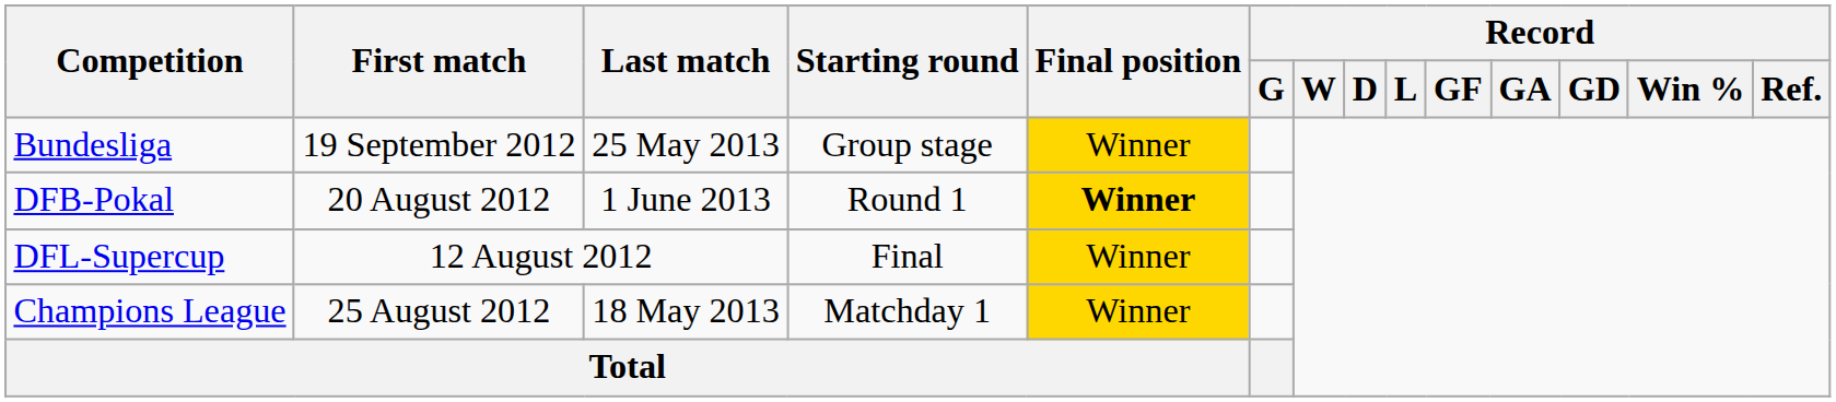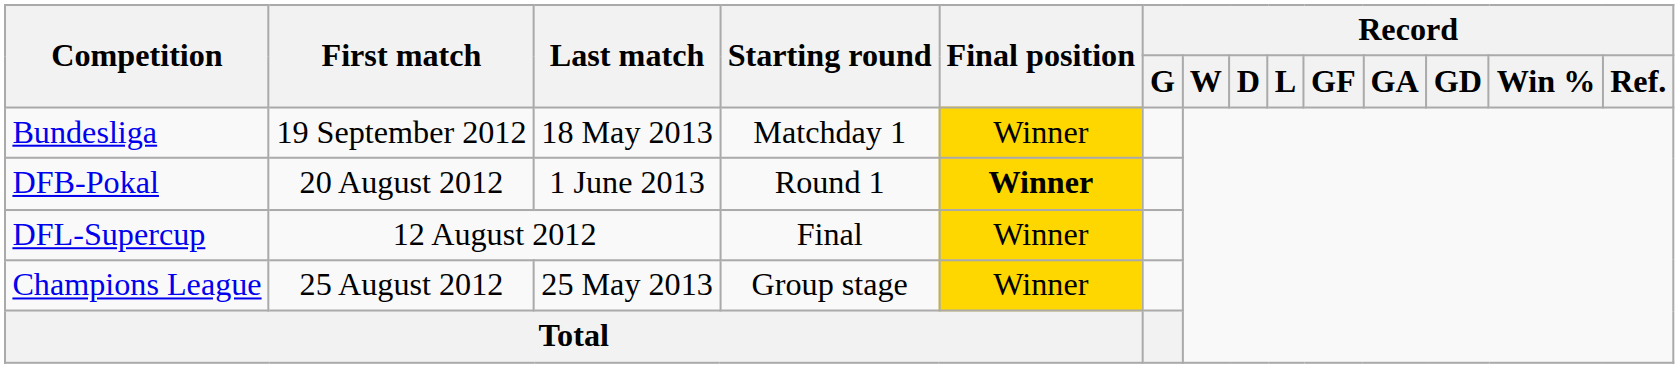 <table class="wikitable" style="text-align: center">
 <tr>
 <th rowspan="2">Competition</th>
 <th rowspan="2">First match</th>
 <th rowspan="2">Last match</th>
 <th rowspan="2">Starting round</th>
 <th rowspan="2">Final position</th>
 <th colspan="9">Record</th>
 </tr>
 <tr>
 <th>G</th>
 <th>W</th>
 <th>D</th>
 <th>L</th>
 <th>GF</th>
 <th>GA</th>
 <th>GD</th>
 <th>Win %</th>
 <th>Ref.</th>
 </tr>
 <tr>
 <td align=left><a href='#'>Bundesliga</a></td>
 <td align=center>19 September 2012</td>
-<td align=center>25 May 2013</td>
-<td align=center>Group stage</td>
+<td align=center>18 May 2013</td>
+<td align=center>Matchday 1</td>
 <td align=center bgcolor=Gold>Winner<br></td>
 <td></td>
 </tr>
 <tr>
 <td align=left><a href='#'>DFB-Pokal</a></td>
 <td align=center>20 August 2012</td>
 <td align=center>1 June 2013</td>
 <td align=center>Round 1</td>
 <td align=center bgcolor=Gold><strong>Winner<br></strong></td>
 <td></td>
 </tr>
 <tr>
 <td align=left><a href='#'>DFL-Supercup</a></td>
 <td colspan="2" align=center>12 August 2012</td>
 <td align=center>Final</td>
 <td align=center bgcolor=Gold>Winner<br></td>
 <td></td>
 </tr>
 <tr>
 <td align=left><a href='#'>Champions League</a></td>
 <td align=center>25 August 2012</td>
-<td align=center>18 May 2013</td>
-<td align=center>Matchday 1</td>
+<td align=center>25 May 2013</td>
+<td align=center>Group stage</td>
 <td align=center bgcolor=Gold>Winner<br></td>
 <td></td>
 </tr>
 <tr>
 <th colspan="5">Total<br></th>
 <th></th>
 </tr>
 </table>
